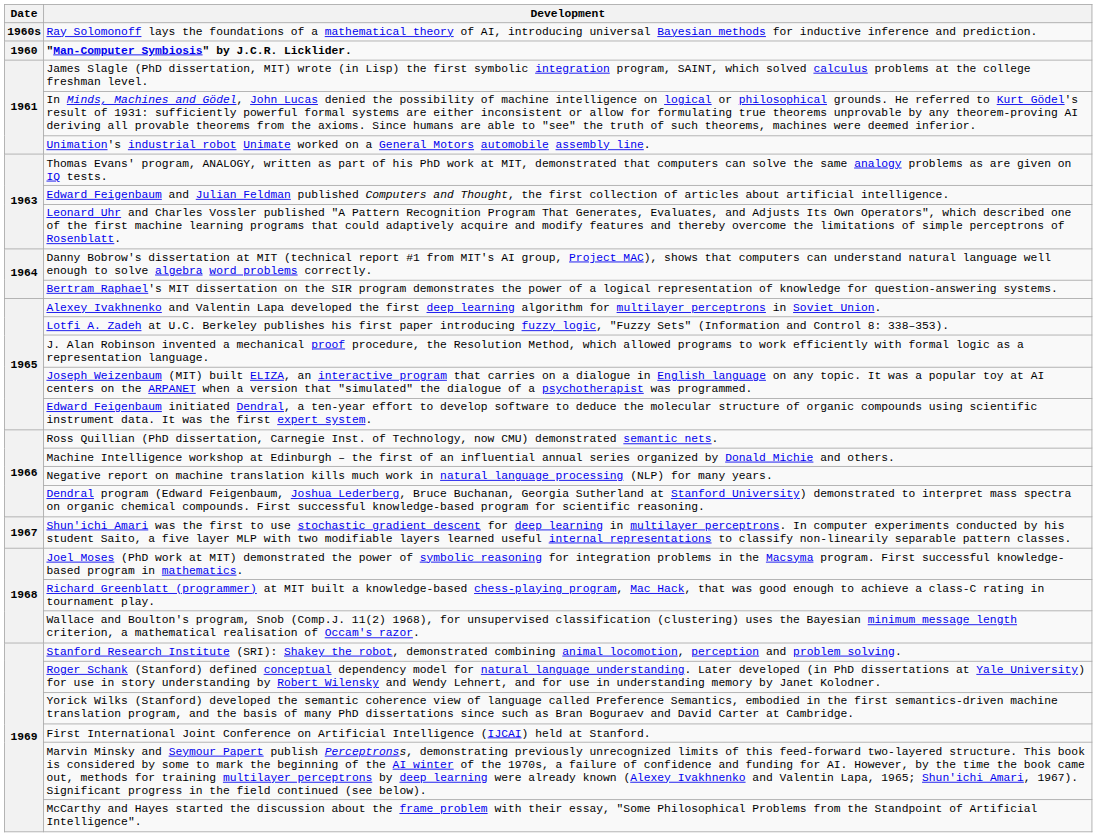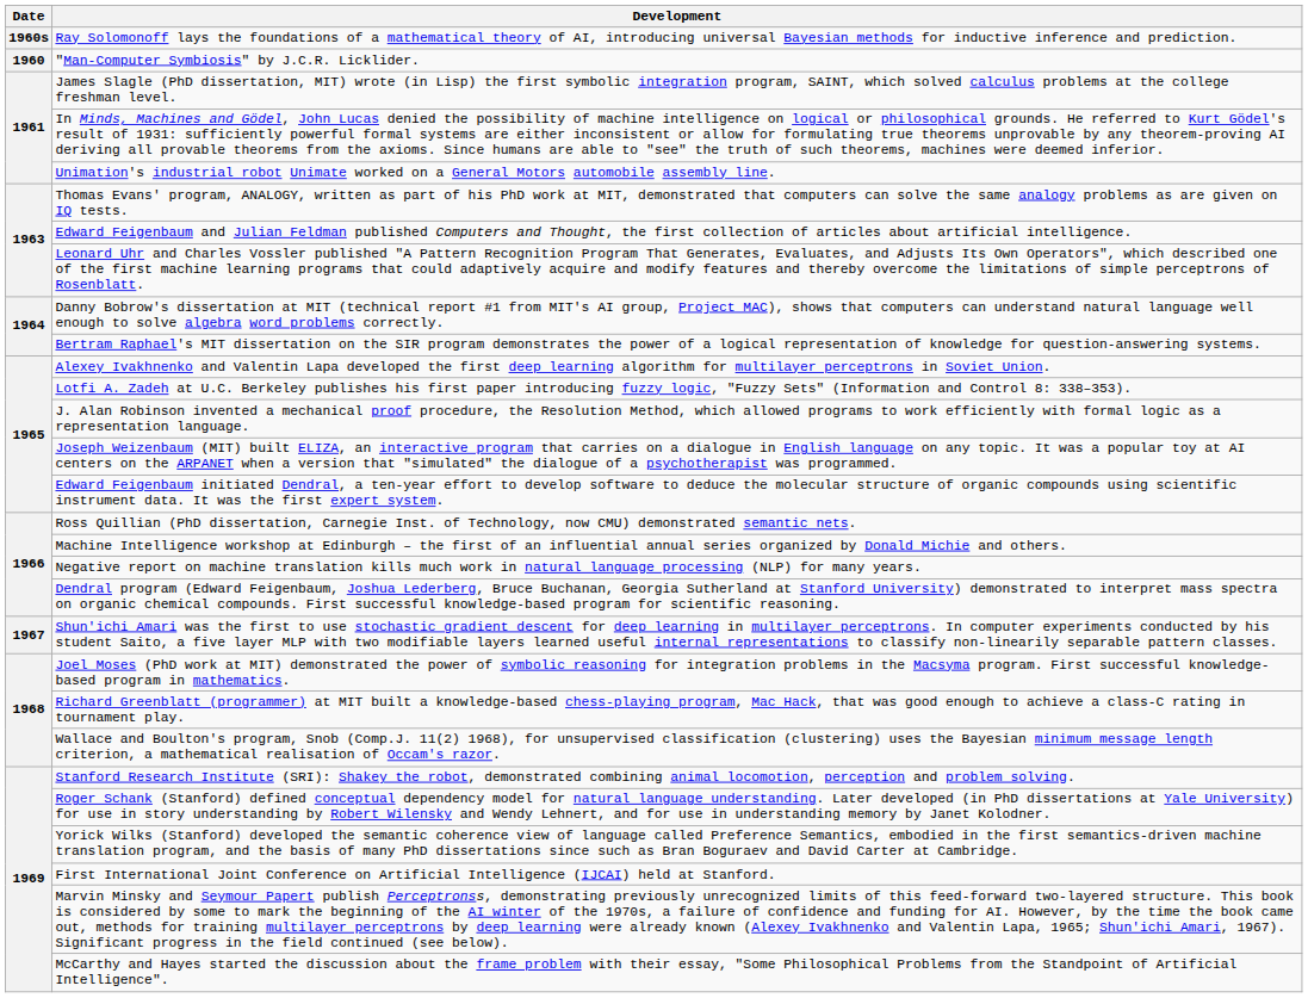 <table class="wikitable">
 <tr>
 <th>Date</th>
 <th>Development</th>
 </tr>
 <tr>
 <th>1960s</th>
 <td><a href='#'>Ray Solomonoff</a> lays the foundations of a <a href='#'>mathematical theory</a> of AI, introducing universal <a href='#'>Bayesian methods</a> for inductive inference and prediction.</td>
 </tr>
 <tr>
 <th>1960</th>
-<td><strong>"<a href='#'>Man-Computer Symbiosis</a>" by J.C.R. Licklider.</strong></td>
+<td>"<a href='#'>Man-Computer Symbiosis</a>" by J.C.R. Licklider.</td>
 </tr>
 <tr>
 <th rowspan=3>1961</th>
 <td>James Slagle (PhD dissertation, MIT) wrote (in Lisp) the first symbolic <a href='#'>integration</a> program, SAINT, which solved <a href='#'>calculus</a> problems at the college freshman level.</td>
 </tr>
 <tr>
 <td>In <em><a href='#'>Minds, Machines and Gödel</a></em>, <a href='#'>John Lucas</a> denied the possibility of machine intelligence on <a href='#'>logical</a> or <a href='#'>philosophical</a> grounds. He referred to <a href='#'>Kurt Gödel</a>'s result of 1931: sufficiently powerful formal systems are either inconsistent or allow for formulating true theorems unprovable by any theorem-proving AI deriving all provable theorems from the axioms. Since humans are able to "see" the truth of such theorems, machines were deemed inferior.</td>
 </tr>
 <tr>
 <td><a href='#'>Unimation</a>'s <a href='#'>industrial robot</a> <a href='#'>Unimate</a> worked on a <a href='#'>General Motors</a> <a href='#'>automobile</a> <a href='#'>assembly line</a>.</td>
 </tr>
 <tr>
 <th rowspan=3>1963</th>
 <td>Thomas Evans' program, ANALOGY, written as part of his PhD work at MIT, demonstrated that computers can solve the same <a href='#'>analogy</a> problems as are given on <a href='#'>IQ</a> tests.</td>
 </tr>
 <tr>
 <td><a href='#'>Edward Feigenbaum</a> and <a href='#'>Julian Feldman</a> published <em>Computers and Thought</em>, the first collection of articles about artificial intelligence.</td>
 </tr>
 <tr>
 <td><a href='#'>Leonard Uhr</a> and Charles Vossler published "A Pattern Recognition Program That Generates, Evaluates, and Adjusts Its Own Operators", which described one of the first machine learning programs that could adaptively acquire and modify features and thereby overcome the limitations of simple perceptrons of <a href='#'>Rosenblatt</a>.</td>
 </tr>
 <tr>
 <th rowspan=2>1964</th>
 <td>Danny Bobrow's dissertation at MIT (technical report #1 from MIT's AI group, <a href='#'>Project MAC</a>), shows that computers can understand natural language well enough to solve <a href='#'>algebra</a> <a href='#'>word problems</a> correctly.</td>
 </tr>
 <tr>
 <td><a href='#'>Bertram Raphael</a>'s MIT dissertation on the SIR program demonstrates the power of a logical representation of knowledge for question-answering systems.</td>
 </tr>
 <tr>
 <th rowspan=5>1965</th>
 <td><a href='#'>Alexey Ivakhnenko</a> and Valentin Lapa developed the first <a href='#'>deep learning</a> algorithm for <a href='#'>multilayer perceptrons</a> in <a href='#'>Soviet Union</a>.</td>
 </tr>
 <tr>
 <td><a href='#'>Lotfi A. Zadeh</a> at U.C. Berkeley publishes his first paper introducing <a href='#'>fuzzy logic</a>, "Fuzzy Sets" (Information and Control 8: 338–353).</td>
 </tr>
 <tr>
 <td>J. Alan Robinson invented a mechanical <a href='#'>proof</a> procedure, the Resolution Method, which allowed programs to work efficiently with formal logic as a representation language.</td>
 </tr>
 <tr>
 <td><a href='#'>Joseph Weizenbaum</a> (MIT) built <a href='#'>ELIZA</a>, an <a href='#'>interactive program</a> that carries on a dialogue in <a href='#'>English language</a> on any topic. It was a popular toy at AI centers on the <a href='#'>ARPANET</a> when a version that "simulated" the dialogue of a <a href='#'>psychotherapist</a> was programmed.</td>
 </tr>
 <tr>
 <td><a href='#'>Edward Feigenbaum</a> initiated <a href='#'>Dendral</a>, a ten-year effort to develop software to deduce the molecular structure of organic compounds using scientific instrument data. It was the first <a href='#'>expert system</a>.</td>
 </tr>
 <tr>
 <th rowspan=4>1966</th>
 <td>Ross Quillian (PhD dissertation, Carnegie Inst. of Technology, now CMU) demonstrated <a href='#'>semantic nets</a>.</td>
 </tr>
 <tr>
 <td>Machine Intelligence workshop at Edinburgh – the first of an influential annual series organized by <a href='#'>Donald Michie</a> and others.</td>
 </tr>
 <tr>
 <td>Negative report on machine translation kills much work in <a href='#'>natural language processing</a> (NLP) for many years.</td>
 </tr>
 <tr>
 <td><a href='#'>Dendral</a> program (Edward Feigenbaum, <a href='#'>Joshua Lederberg</a>, Bruce Buchanan, Georgia Sutherland at <a href='#'>Stanford University</a>) demonstrated to interpret mass spectra on organic chemical compounds. First successful knowledge-based program for scientific reasoning.</td>
 </tr>
 <tr>
 <th>1967</th>
 <td><a href='#'>Shun'ichi Amari</a> was the first to use <a href='#'>stochastic gradient descent</a> for <a href='#'>deep learning</a> in <a href='#'>multilayer perceptrons</a>. In computer experiments conducted by his student Saito, a five layer MLP with two modifiable layers learned useful <a href='#'>internal representations</a> to classify non-linearily separable pattern classes.</td>
 </tr>
 <tr>
 <th rowspan=3>1968</th>
 <td><a href='#'>Joel Moses</a> (PhD work at MIT) demonstrated the power of <a href='#'>symbolic reasoning</a> for integration problems in the <a href='#'>Macsyma</a> program. First successful knowledge-based program in <a href='#'>mathematics</a>.</td>
 </tr>
 <tr>
 <td><a href='#'>Richard Greenblatt (programmer)</a> at MIT built a knowledge-based <a href='#'>chess-playing program</a>, <a href='#'>Mac Hack</a>, that was good enough to achieve a class-C rating in tournament play.</td>
 </tr>
 <tr>
 <td>Wallace and Boulton's program, Snob (Comp.J. 11(2) 1968), for unsupervised classification (clustering) uses the Bayesian <a href='#'>minimum message length</a> criterion, a mathematical realisation of <a href='#'>Occam's razor</a>.</td>
 </tr>
 <tr>
 <th rowspan=6>1969</th>
 <td><a href='#'>Stanford Research Institute</a> (SRI): <a href='#'>Shakey the robot</a>, demonstrated combining <a href='#'>animal locomotion</a>, <a href='#'>perception</a> and <a href='#'>problem solving</a>.</td>
 </tr>
 <tr>
 <td><a href='#'>Roger Schank</a> (Stanford) defined <a href='#'>conceptual</a> dependency model for <a href='#'>natural language understanding</a>. Later developed (in PhD dissertations at <a href='#'>Yale University</a>) for use in story understanding by <a href='#'>Robert Wilensky</a> and Wendy Lehnert, and for use in understanding memory by Janet Kolodner.</td>
 </tr>
 <tr>
 <td>Yorick Wilks (Stanford) developed the semantic coherence view of language called Preference Semantics, embodied in the first semantics-driven machine translation program, and the basis of many PhD dissertations since such as Bran Boguraev and David Carter at Cambridge.</td>
 </tr>
 <tr>
 <td>First International Joint Conference on Artificial Intelligence (<a href='#'>IJCAI</a>) held at Stanford.</td>
 </tr>
 <tr>
 <td>Marvin Minsky and <a href='#'>Seymour Papert</a> publish <em><a href='#'>Perceptrons</a>s</em>, demonstrating previously unrecognized limits of this feed-forward two-layered structure. This book is considered by some to mark the beginning of the <a href='#'>AI winter</a> of the 1970s, a failure of confidence and funding for AI.  However, by the time the book came out, methods for training <a href='#'>multilayer perceptrons</a> by <a href='#'>deep learning</a> were already known (<a href='#'>Alexey Ivakhnenko</a> and Valentin Lapa, 1965; <a href='#'>Shun'ichi Amari</a>, 1967). Significant progress in the field continued (see below).</td>
 </tr>
 <tr>
 <td>McCarthy and Hayes started the discussion about the <a href='#'>frame problem</a> with their essay, "Some Philosophical Problems from the Standpoint of Artificial Intelligence".</td>
 </tr>
 </table>
